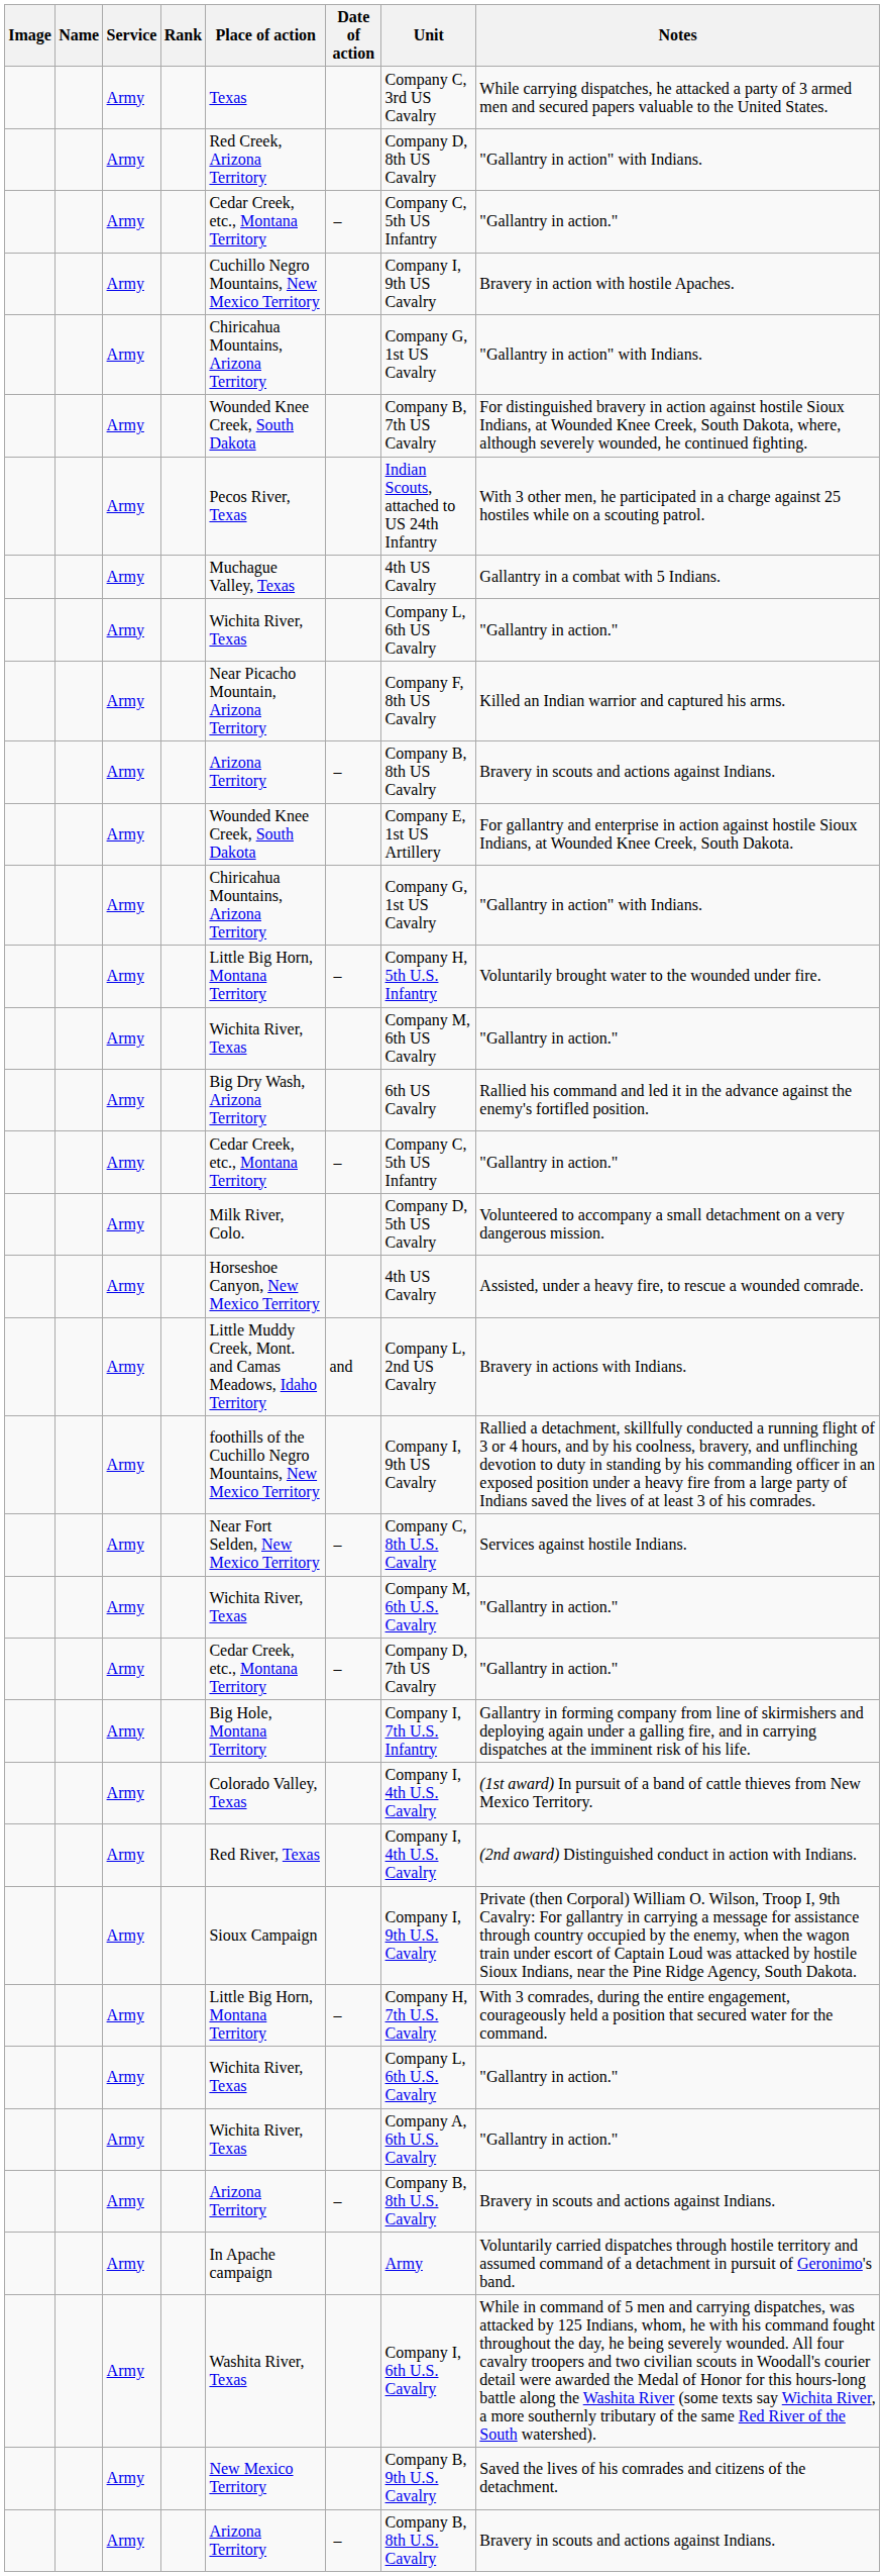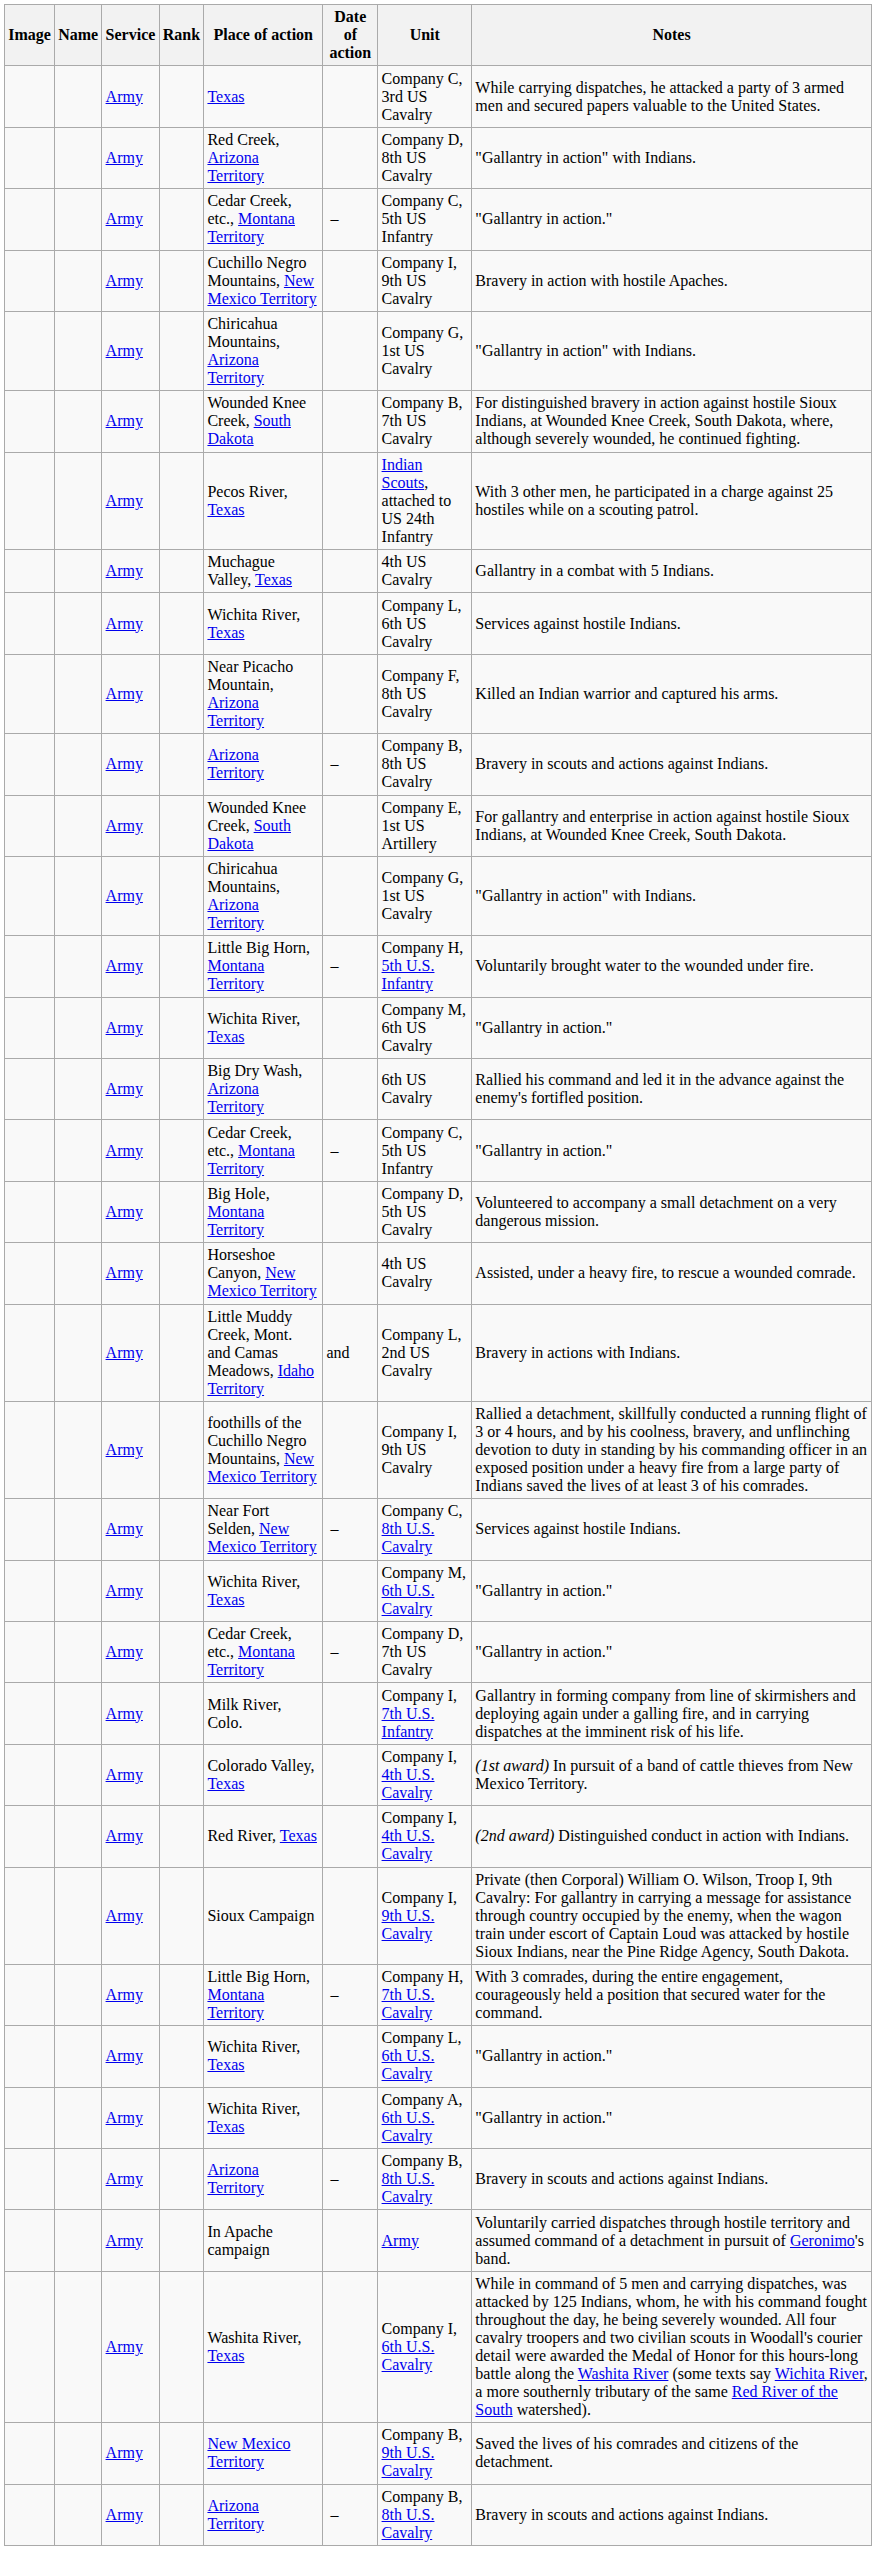 <table class="wikitable sortable">
 <tr>
 <th class="unsortable">Image</th>
 <th>Name</th>
 <th>Service</th>
 <th>Rank</th>
 <th>Place of action</th>
 <th>Date of action</th>
 <th>Unit</th>
 <th class="unsortable">Notes</th>
 </tr>
 <tr>
 <td></td>
 <td></td>
 <td><a href='#'>Army</a></td>
 <td></td>
 <td><a href='#'>Texas</a></td>
 <td></td>
 <td>Company C, 3rd US Cavalry</td>
 <td>While carrying dispatches, he attacked a party of 3 armed men and secured papers valuable to the United States.</td>
 </tr>
 <tr>
 <td></td>
 <td></td>
 <td><a href='#'>Army</a></td>
 <td></td>
 <td>Red Creek, <a href='#'>Arizona Territory</a></td>
 <td></td>
 <td>Company D, 8th US Cavalry</td>
 <td>"Gallantry in action" with Indians.</td>
 </tr>
 <tr>
 <td></td>
 <td></td>
 <td><a href='#'>Army</a></td>
 <td></td>
 <td>Cedar Creek, etc., <a href='#'>Montana Territory</a></td>
 <td> – </td>
 <td>Company C, 5th US Infantry</td>
 <td>"Gallantry in action."</td>
 </tr>
 <tr>
 <td></td>
 <td></td>
 <td><a href='#'>Army</a></td>
 <td></td>
 <td>Cuchillo Negro Mountains, <a href='#'>New Mexico Territory</a></td>
 <td></td>
 <td>Company I, 9th US Cavalry</td>
 <td>Bravery in action with hostile Apaches.</td>
 </tr>
 <tr>
 <td></td>
 <td></td>
 <td><a href='#'>Army</a></td>
 <td></td>
 <td>Chiricahua Mountains, <a href='#'>Arizona Territory</a></td>
 <td></td>
 <td>Company G, 1st US Cavalry</td>
 <td>"Gallantry in action" with Indians.</td>
 </tr>
 <tr>
 <td></td>
 <td></td>
 <td><a href='#'>Army</a></td>
 <td></td>
 <td>Wounded Knee Creek, <a href='#'>South Dakota</a></td>
 <td></td>
 <td>Company B, 7th US Cavalry</td>
 <td>For distinguished bravery in action against hostile Sioux Indians, at Wounded Knee Creek, South Dakota, where, although severely wounded, he continued fighting.</td>
 </tr>
 <tr>
 <td></td>
 <td></td>
 <td><a href='#'>Army</a></td>
 <td></td>
 <td>Pecos River, <a href='#'>Texas</a></td>
 <td></td>
 <td><a href='#'>Indian Scouts</a>, attached to US 24th Infantry</td>
 <td>With 3 other men, he participated in a charge against 25 hostiles while on a scouting patrol.</td>
 </tr>
 <tr>
 <td></td>
 <td></td>
 <td><a href='#'>Army</a></td>
 <td></td>
 <td>Muchague Valley, <a href='#'>Texas</a></td>
 <td></td>
 <td>4th US Cavalry</td>
 <td>Gallantry in a combat with 5 Indians.</td>
 </tr>
 <tr>
 <td></td>
 <td></td>
 <td><a href='#'>Army</a></td>
 <td></td>
 <td>Wichita River, <a href='#'>Texas</a></td>
 <td></td>
 <td>Company L, 6th US Cavalry</td>
-<td>"Gallantry in action."</td>
+<td>Services against hostile Indians.</td>
 </tr>
 <tr>
 <td></td>
 <td></td>
 <td><a href='#'>Army</a></td>
 <td></td>
 <td>Near Picacho Mountain, <a href='#'>Arizona Territory</a></td>
 <td></td>
 <td>Company F, 8th US Cavalry</td>
 <td>Killed an Indian warrior and captured his arms.</td>
 </tr>
 <tr>
 <td></td>
 <td></td>
 <td><a href='#'>Army</a></td>
 <td></td>
 <td><a href='#'>Arizona Territory</a></td>
 <td> – </td>
 <td>Company B, 8th US Cavalry</td>
 <td>Bravery in scouts and actions against Indians.</td>
 </tr>
 <tr>
 <td></td>
 <td></td>
 <td><a href='#'>Army</a></td>
 <td></td>
 <td>Wounded Knee Creek, <a href='#'>South Dakota</a></td>
 <td></td>
 <td>Company E, 1st US Artillery</td>
 <td>For gallantry and enterprise in action against hostile Sioux Indians, at Wounded Knee Creek, South Dakota.</td>
 </tr>
 <tr>
 <td></td>
 <td></td>
 <td><a href='#'>Army</a></td>
 <td></td>
 <td>Chiricahua Mountains, <a href='#'>Arizona Territory</a></td>
 <td></td>
 <td>Company G, 1st US Cavalry</td>
 <td>"Gallantry in action" with Indians.</td>
 </tr>
 <tr>
 <td></td>
 <td></td>
 <td><a href='#'>Army</a></td>
 <td></td>
 <td>Little Big Horn, <a href='#'>Montana Territory</a></td>
 <td> – </td>
 <td>Company H, <a href='#'>5th U.S. Infantry</a></td>
 <td>Voluntarily brought water to the wounded under fire.</td>
 </tr>
 <tr>
 <td></td>
 <td></td>
 <td><a href='#'>Army</a></td>
 <td></td>
 <td>Wichita River, <a href='#'>Texas</a></td>
 <td></td>
 <td>Company M, 6th US Cavalry</td>
 <td>"Gallantry in action."</td>
 </tr>
 <tr>
 <td></td>
 <td></td>
 <td><a href='#'>Army</a></td>
 <td></td>
 <td>Big Dry Wash, <a href='#'>Arizona Territory</a></td>
 <td></td>
 <td>6th US Cavalry</td>
 <td>Rallied his command and led it in the advance against the enemy's fortifled position.</td>
 </tr>
 <tr>
 <td></td>
 <td></td>
 <td><a href='#'>Army</a></td>
 <td></td>
 <td>Cedar Creek, etc., <a href='#'>Montana Territory</a></td>
 <td> – </td>
 <td>Company C, 5th US Infantry</td>
 <td>"Gallantry in action."</td>
 </tr>
 <tr>
 <td></td>
 <td></td>
 <td><a href='#'>Army</a></td>
 <td></td>
-<td>Milk River, Colo.</td>
+<td>Big Hole, <a href='#'>Montana Territory</a></td>
 <td></td>
 <td>Company D, 5th US Cavalry</td>
 <td>Volunteered to accompany a small detachment on a very dangerous mission.</td>
 </tr>
 <tr>
 <td></td>
 <td></td>
 <td><a href='#'>Army</a></td>
 <td></td>
 <td>Horseshoe Canyon, <a href='#'>New Mexico Territory</a></td>
 <td></td>
 <td>4th US Cavalry</td>
 <td>Assisted, under a heavy fire, to rescue a wounded comrade.</td>
 </tr>
 <tr>
 <td></td>
 <td></td>
 <td><a href='#'>Army</a></td>
 <td></td>
 <td>Little Muddy Creek, Mont. and Camas Meadows, <a href='#'>Idaho Territory</a></td>
 <td> and </td>
 <td>Company L, 2nd US Cavalry</td>
 <td>Bravery in actions with Indians.</td>
 </tr>
 <tr>
 <td></td>
 <td></td>
 <td><a href='#'>Army</a></td>
 <td></td>
 <td>foothills of the Cuchillo Negro Mountains, <a href='#'>New Mexico Territory</a></td>
 <td></td>
 <td>Company I, 9th US Cavalry</td>
 <td>Rallied a detachment, skillfully conducted a running flight of 3 or 4 hours, and by his coolness, bravery, and unflinching devotion to duty in standing by his commanding officer in an exposed position under a heavy fire from a large party of Indians saved the lives of at least 3 of his comrades.</td>
 </tr>
 <tr>
 <td></td>
 <td></td>
 <td><a href='#'>Army</a></td>
 <td></td>
 <td>Near Fort Selden, <a href='#'>New Mexico Territory</a></td>
 <td> – </td>
 <td>Company C, <a href='#'>8th U.S. Cavalry</a></td>
 <td>Services against hostile Indians.</td>
 </tr>
 <tr>
 <td></td>
 <td></td>
 <td><a href='#'>Army</a></td>
 <td></td>
 <td>Wichita River, <a href='#'>Texas</a></td>
 <td></td>
 <td>Company M, <a href='#'>6th U.S. Cavalry</a></td>
 <td>"Gallantry in action."</td>
 </tr>
 <tr>
 <td></td>
 <td></td>
 <td><a href='#'>Army</a></td>
 <td></td>
 <td>Cedar Creek, etc., <a href='#'>Montana Territory</a></td>
 <td> – </td>
 <td>Company D, 7th US Cavalry</td>
 <td>"Gallantry in action."</td>
 </tr>
 <tr>
 <td></td>
 <td></td>
 <td><a href='#'>Army</a></td>
 <td></td>
-<td>Big Hole, <a href='#'>Montana Territory</a></td>
+<td>Milk River, Colo.</td>
 <td></td>
 <td>Company I, <a href='#'>7th U.S. Infantry</a></td>
 <td>Gallantry in forming company from line of skirmishers and deploying again under a galling fire, and in carrying dispatches at the imminent risk of his life.</td>
 </tr>
 <tr>
 <td></td>
 <td></td>
 <td><a href='#'>Army</a></td>
 <td></td>
 <td>Colorado Valley, <a href='#'>Texas</a></td>
 <td></td>
 <td>Company I, <a href='#'>4th U.S. Cavalry</a></td>
 <td><em>(1st award)</em> In pursuit of a band of cattle thieves from New Mexico Territory.</td>
 </tr>
 <tr>
 <td></td>
 <td></td>
 <td><a href='#'>Army</a></td>
 <td></td>
 <td>Red River, <a href='#'>Texas</a></td>
 <td></td>
 <td>Company I, <a href='#'>4th U.S. Cavalry</a></td>
 <td><em>(2nd award)</em> Distinguished conduct in action with Indians.</td>
 </tr>
 <tr>
 <td></td>
 <td></td>
 <td><a href='#'>Army</a></td>
 <td></td>
 <td>Sioux Campaign</td>
 <td></td>
 <td>Company I, <a href='#'>9th U.S. Cavalry</a></td>
 <td>Private (then Corporal) William O. Wilson, Troop I, 9th Cavalry: For gallantry in carrying a message for assistance through country occupied by the enemy, when the wagon train under escort of Captain Loud was attacked by hostile Sioux Indians, near the Pine Ridge Agency, South Dakota.</td>
 </tr>
 <tr>
 <td></td>
 <td></td>
 <td><a href='#'>Army</a></td>
 <td></td>
 <td>Little Big Horn, <a href='#'>Montana Territory</a></td>
 <td> – </td>
 <td>Company H, <a href='#'>7th U.S. Cavalry</a></td>
 <td>With 3 comrades, during the entire engagement, courageously held a position that secured water for the command.</td>
 </tr>
 <tr>
 <td></td>
 <td></td>
 <td><a href='#'>Army</a></td>
 <td></td>
 <td>Wichita River, <a href='#'>Texas</a></td>
 <td></td>
 <td>Company L, <a href='#'>6th U.S. Cavalry</a></td>
 <td>"Gallantry in action."</td>
 </tr>
 <tr>
 <td></td>
 <td></td>
 <td><a href='#'>Army</a></td>
 <td></td>
 <td>Wichita River, <a href='#'>Texas</a></td>
 <td></td>
 <td>Company A, <a href='#'>6th U.S. Cavalry</a></td>
 <td>"Gallantry in action."</td>
 </tr>
 <tr>
 <td></td>
 <td></td>
 <td><a href='#'>Army</a></td>
 <td></td>
 <td><a href='#'>Arizona Territory</a></td>
 <td> – </td>
 <td>Company B, <a href='#'>8th U.S. Cavalry</a></td>
 <td>Bravery in scouts and actions against Indians.</td>
 </tr>
 <tr>
 <td></td>
 <td></td>
 <td><a href='#'>Army</a></td>
 <td></td>
 <td>In Apache campaign</td>
 <td></td>
 <td><a href='#'>Army</a></td>
 <td>Voluntarily carried dispatches through hostile territory and assumed command of a detachment in pursuit of <a href='#'>Geronimo</a>'s band.</td>
 </tr>
 <tr>
 <td></td>
 <td></td>
 <td><a href='#'>Army</a></td>
 <td></td>
 <td>Washita River, <a href='#'>Texas</a></td>
 <td></td>
 <td>Company I, <a href='#'>6th U.S. Cavalry</a></td>
 <td>While in command of 5 men and carrying dispatches, was attacked by 125 Indians, whom, he with his command fought throughout the day, he being severely wounded.  All four cavalry troopers and two civilian scouts in Woodall's courier detail were awarded the Medal of Honor for this hours-long battle along the <a href='#'>Washita River</a> (some texts say <a href='#'>Wichita River</a>, a more southernly tributary of the same <a href='#'>Red River of the South</a> watershed).</td>
 </tr>
 <tr>
 <td></td>
 <td></td>
 <td><a href='#'>Army</a></td>
 <td></td>
 <td><a href='#'>New Mexico Territory</a></td>
 <td></td>
 <td>Company B, <a href='#'>9th U.S. Cavalry</a></td>
 <td>Saved the lives of his comrades and citizens of the detachment.</td>
 </tr>
 <tr>
 <td></td>
 <td></td>
 <td><a href='#'>Army</a></td>
 <td></td>
 <td><a href='#'>Arizona Territory</a></td>
 <td> – </td>
 <td>Company B, <a href='#'>8th U.S. Cavalry</a></td>
 <td>Bravery in scouts and actions against Indians.</td>
 </tr>
 </table>
